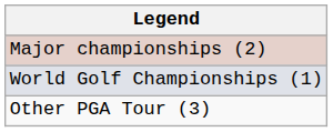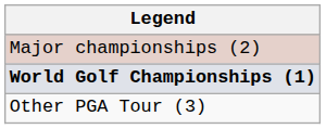 <table class="wikitable" style="font-size:95%;">
 <tr>
 <th>Legend</th>
 </tr>
 <tr style="background:#e5d1cb;">
 <td>Major championships (2)</td>
 </tr>
 <tr style="background:#dfe2e9">
-<td>World Golf Championships (1)<br></td>
+<td><strong>World Golf Championships (1)<br></strong></td>
 </tr>
 <tr>
 <td>Other PGA Tour (3)</td>
 </tr>
 </table>
